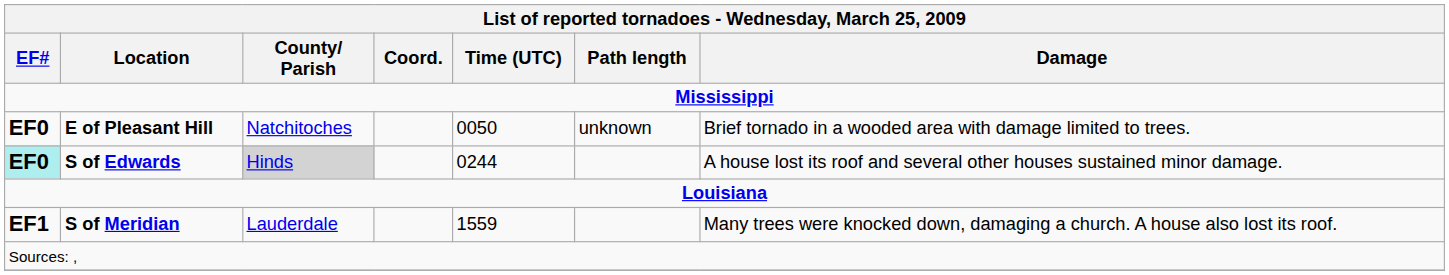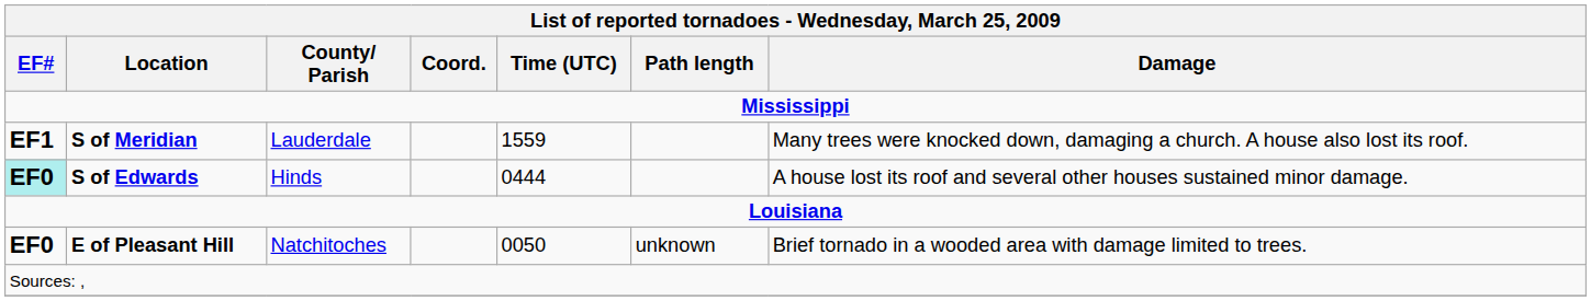 <table class="wikitable collapsible" width="100%">
 <tr>
 <th colspan="7">List of reported tornadoes - Wednesday, March 25, 2009</th>
 </tr>
 <tr>
 <th><a href='#'>EF#</a></th>
 <th>Location</th>
 <th>County/<br>Parish</th>
 <th>Coord.</th>
 <th>Time (UTC)</th>
 <th>Path length</th>
 <th>Damage</th>
 </tr>
 <tr>
 <td colspan="7" align=center><strong><a href='#'>Mississippi</a></strong></td>
 </tr>
 <tr>
+<td><big><strong>EF1</strong></big></td>
+<td><strong>S of <a href='#'>Meridian</a></strong></td>
+<td><a href='#'>Lauderdale</a></td>
+<td></td>
+<td>1559</td>
+<td></td>
+<td>Many trees were knocked down, damaging a church. A house also lost its roof.</td>
+</tr>
+<tr>
+<td style="background: paleturquoise;"><big><strong>EF0</strong></big></td>
+<td><strong>S of <a href='#'>Edwards</a></strong></td>
+<td><a href='#'>Hinds</a></td>
+<td></td>
+<td>0444</td>
+<td></td>
+<td>A house lost its roof and several other houses sustained minor damage.</td>
+</tr>
+<tr>
+<td colspan="7" align=center><strong><a href='#'>Louisiana</a></strong></td>
+</tr>
+<tr>
 <td><big><strong>EF0</strong></big></td>
 <td><strong>E of Pleasant Hill</strong></td>
 <td><a href='#'>Natchitoches</a></td>
 <td></td>
 <td>0050</td>
 <td>unknown</td>
 <td>Brief tornado in a wooded area with damage limited to trees.</td>
 </tr>
 <tr>
-<td style="background: paleturquoise;"><big><strong>EF0</strong></big></td>
-<td><strong>S of <a href='#'>Edwards</a></strong></td>
-<td style="background: lightgrey;"><a href='#'>Hinds</a></td>
-<td></td>
-<td>0244</td>
-<td></td>
-<td>A house lost its roof and several other houses sustained minor damage.</td>
-</tr>
-<tr>
-<td colspan="7" align=center><strong><a href='#'>Louisiana</a></strong></td>
-</tr>
-<tr>
-<td><big><strong>EF1</strong></big></td>
-<td><strong>S of <a href='#'>Meridian</a></strong></td>
-<td><a href='#'>Lauderdale</a></td>
-<td></td>
-<td>1559</td>
-<td></td>
-<td>Many trees were knocked down, damaging a church. A house also lost its roof.</td>
-</tr>
-<tr>
 <td colspan="7"><small>Sources: , </small></td>
 </tr>
 <tr>
 </tr>
 </table>
